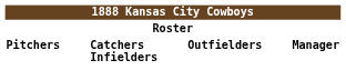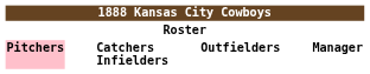 <table class="toccolours" style="font-size: 95%;">
 <tr>
 <th colspan="10" style="background-color: #654321; color: white; text-align: center;">1888 Kansas City Cowboys</th>
 </tr>
 <tr>
 <td colspan="10" style="background-color: white; color: 654321; text-align: center;"><strong>Roster</strong></td>
 </tr>
 <tr>
-<td valign="top"><strong>Pitchers</strong><br>      </td>
+<td valign="top" style="background: pink;"><strong>Pitchers</strong><br>      </td>
 <td width="25px"></td>
 <td valign="top"><strong>Catchers</strong><br>    <strong>Infielders</strong>     </td>
 <td width="25px"></td>
 <td valign="top"><strong>Outfielders</strong><br>         </td>
 <td width="25px"></td>
 <td valign="top"><strong>Manager</strong><br>  </td>
 </tr>
 </table>
